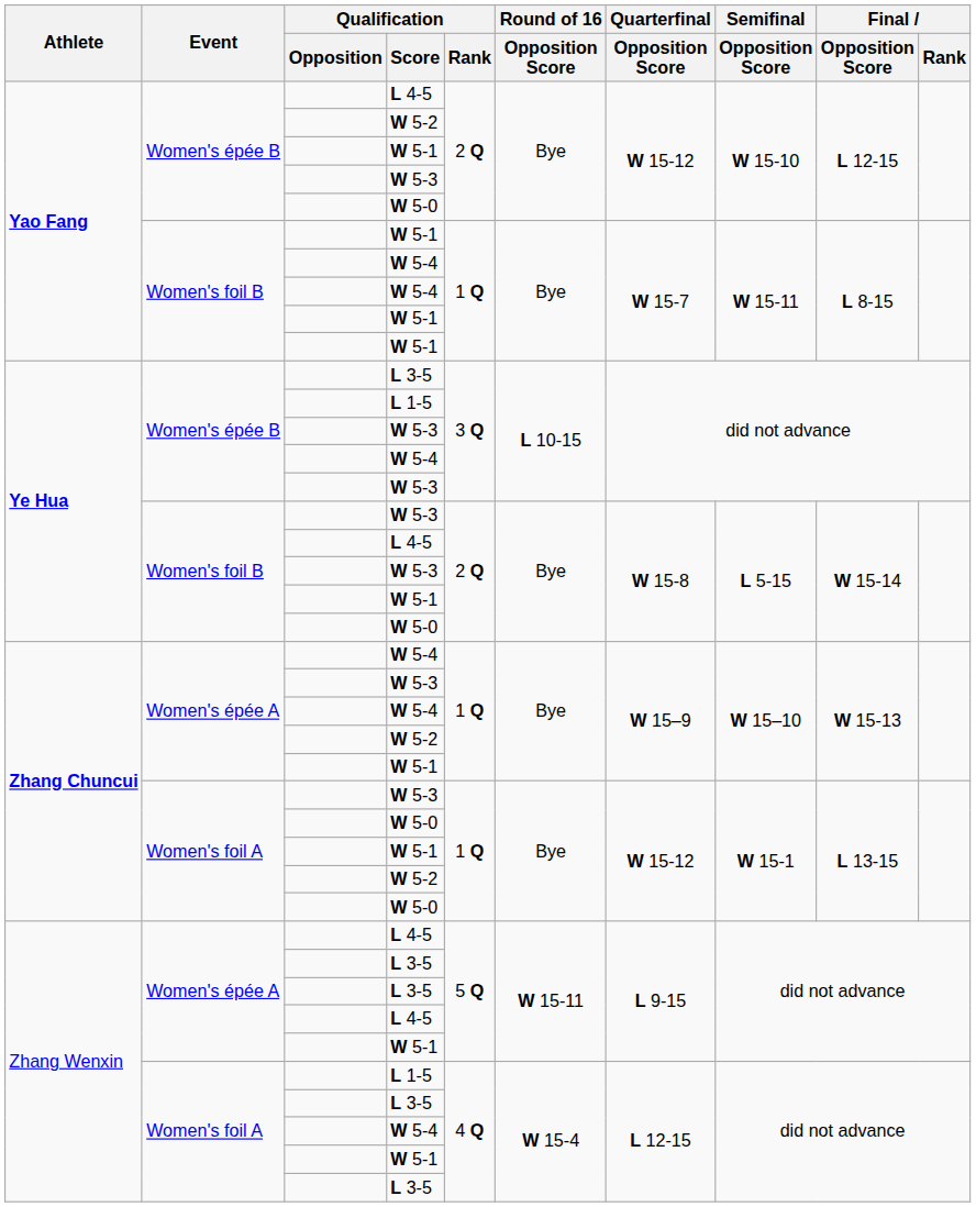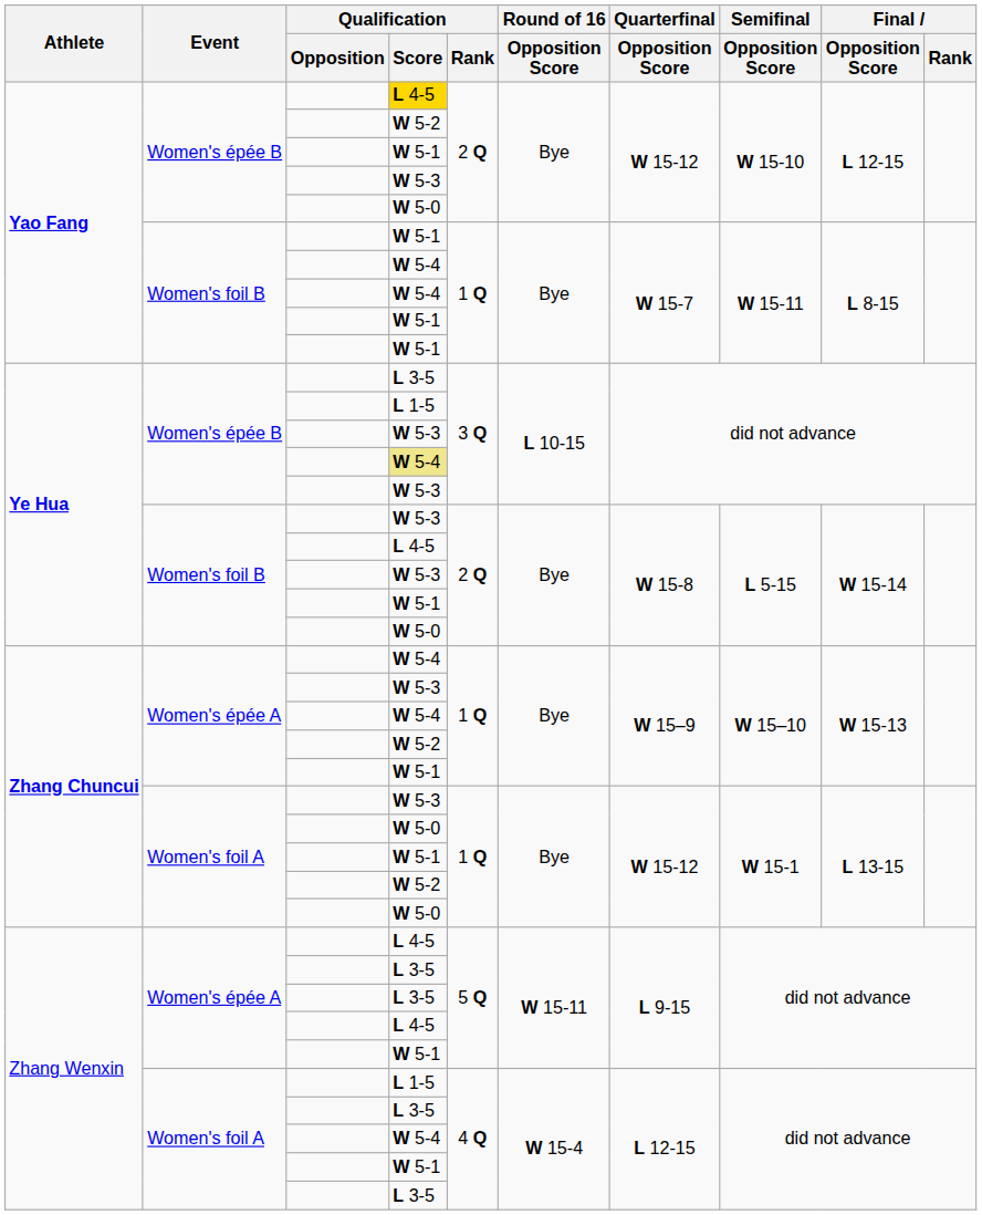 <table class=wikitable style="font-size:90%">
 <tr>
 <th rowspan="2">Athlete</th>
 <th rowspan="2">Event</th>
 <th colspan="3">Qualification</th>
 <th>Round of 16</th>
 <th>Quarterfinal</th>
 <th>Semifinal</th>
 <th colspan="2">Final / </th>
 </tr>
 <tr>
 <th>Opposition</th>
 <th>Score</th>
 <th>Rank</th>
 <th>Opposition<br>Score</th>
 <th>Opposition<br>Score</th>
 <th>Opposition<br>Score</th>
 <th>Opposition<br>Score</th>
 <th>Rank</th>
 </tr>
 <tr>
 <td rowspan=10><strong><a href='#'>Yao Fang</a></strong></td>
 <td rowspan=5><a href='#'>Women's épée B</a></td>
 <td></td>
-<td><strong>L</strong> 4-5</td>
+<td style="background: gold;"><strong>L</strong> 4-5</td>
 <td align="center" rowspan=5>2 <strong>Q</strong></td>
 <td align="center" rowspan=5>Bye</td>
 <td align="center" rowspan=5><br><strong>W</strong> 15-12</td>
 <td align="center" rowspan=5><br><strong>W</strong> 15-10</td>
 <td align="center" rowspan=5><br><strong>L</strong> 12-15</td>
 <td align="center" rowspan=5></td>
 </tr>
 <tr>
 <td></td>
 <td><strong>W</strong> 5-2</td>
 </tr>
 <tr>
 <td></td>
 <td><strong>W</strong> 5-1</td>
 </tr>
 <tr>
 <td></td>
 <td><strong>W</strong> 5-3</td>
 </tr>
 <tr>
 <td></td>
 <td><strong>W</strong> 5-0</td>
 </tr>
 <tr>
 <td rowspan=5><a href='#'>Women's foil B</a></td>
 <td></td>
 <td><strong>W</strong> 5-1</td>
 <td align="center" rowspan=5>1 <strong>Q</strong></td>
 <td align="center" rowspan=5>Bye</td>
 <td align="center" rowspan=5><br><strong>W</strong> 15-7</td>
 <td align="center" rowspan=5><br><strong>W</strong> 15-11</td>
 <td align="center" rowspan=5><br><strong>L</strong> 8-15</td>
 <td align="center" rowspan=5></td>
 </tr>
 <tr>
 <td></td>
 <td><strong>W</strong> 5-4</td>
 </tr>
 <tr>
 <td></td>
 <td><strong>W</strong> 5-4</td>
 </tr>
 <tr>
 <td></td>
 <td><strong>W</strong> 5-1</td>
 </tr>
 <tr>
 <td></td>
 <td><strong>W</strong> 5-1</td>
 </tr>
 <tr>
 <td rowspan=10><strong><a href='#'>Ye Hua</a></strong></td>
 <td rowspan=5><a href='#'>Women's épée B</a></td>
 <td></td>
 <td><strong>L</strong> 3-5</td>
 <td align="center" rowspan=5>3 <strong>Q</strong></td>
 <td align="center" rowspan=5><br><strong>L</strong> 10-15</td>
 <td align="center" rowspan=5 colspan=4>did not advance</td>
 </tr>
 <tr>
 <td></td>
 <td><strong>L</strong> 1-5</td>
 </tr>
 <tr>
 <td></td>
 <td><strong>W</strong> 5-3</td>
 </tr>
 <tr>
 <td></td>
-<td><strong>W</strong> 5-4</td>
+<td style="background: khaki;"><strong>W</strong> 5-4</td>
 </tr>
 <tr>
 <td></td>
 <td><strong>W</strong> 5-3</td>
 </tr>
 <tr>
 <td rowspan=5><a href='#'>Women's foil B</a></td>
 <td></td>
 <td><strong>W</strong> 5-3</td>
 <td align="center" rowspan=5>2 <strong>Q</strong></td>
 <td align="center" rowspan=5>Bye</td>
 <td align="center" rowspan=5><br><strong>W</strong> 15-8</td>
 <td align="center" rowspan=5><br><strong>L</strong> 5-15</td>
 <td align="center" rowspan=5><br><strong>W</strong> 15-14</td>
 <td align="center" rowspan=5></td>
 </tr>
 <tr>
 <td></td>
 <td><strong>L</strong> 4-5</td>
 </tr>
 <tr>
 <td></td>
 <td><strong>W</strong> 5-3</td>
 </tr>
 <tr>
 <td></td>
 <td><strong>W</strong> 5-1</td>
 </tr>
 <tr>
 <td></td>
 <td><strong>W</strong> 5-0</td>
 </tr>
 <tr>
 <td rowspan=10><strong><a href='#'>Zhang Chuncui</a></strong></td>
 <td rowspan=5><a href='#'>Women's épée A</a></td>
 <td></td>
 <td><strong>W</strong> 5-4</td>
 <td align="center" rowspan=5>1 <strong>Q</strong></td>
 <td align="center" rowspan=5>Bye</td>
 <td align="center" rowspan=5><br><strong>W</strong> 15–9</td>
 <td align="center" rowspan=5><br><strong>W</strong> 15–10</td>
 <td align="center" rowspan=5><br><strong>W</strong> 15-13</td>
 <td align="center" rowspan=5></td>
 </tr>
 <tr>
 <td></td>
 <td><strong>W</strong> 5-3</td>
 </tr>
 <tr>
 <td></td>
 <td><strong>W</strong> 5-4</td>
 </tr>
 <tr>
 <td></td>
 <td><strong>W</strong> 5-2</td>
 </tr>
 <tr>
 <td></td>
 <td><strong>W</strong> 5-1</td>
 </tr>
 <tr>
 <td rowspan=5><a href='#'>Women's foil A</a></td>
 <td></td>
 <td><strong>W</strong> 5-3</td>
 <td align="center" rowspan=5>1 <strong>Q</strong></td>
 <td align="center" rowspan=5>Bye</td>
 <td align="center" rowspan=5><br><strong>W</strong> 15-12</td>
 <td align="center" rowspan=5><br><strong>W</strong> 15-1</td>
 <td align="center" rowspan=5><br><strong>L</strong> 13-15</td>
 <td align="center" rowspan=5></td>
 </tr>
 <tr>
 <td></td>
 <td><strong>W</strong> 5-0</td>
 </tr>
 <tr>
 <td></td>
 <td><strong>W</strong> 5-1</td>
 </tr>
 <tr>
 <td></td>
 <td><strong>W</strong> 5-2</td>
 </tr>
 <tr>
 <td></td>
 <td><strong>W</strong> 5-0</td>
 </tr>
 <tr>
 <td rowspan=10><a href='#'>Zhang Wenxin</a></td>
 <td rowspan=5><a href='#'>Women's épée A</a></td>
 <td></td>
 <td><strong>L</strong> 4-5</td>
 <td align="center" rowspan=5>5 <strong>Q</strong></td>
 <td align="center" rowspan=5><br><strong>W</strong> 15-11</td>
 <td align="center" rowspan=5><br><strong>L</strong> 9-15</td>
 <td align="center" rowspan=5 colspan=3>did not advance</td>
 </tr>
 <tr>
 <td></td>
 <td><strong>L</strong> 3-5</td>
 </tr>
 <tr>
 <td></td>
 <td><strong>L</strong> 3-5</td>
 </tr>
 <tr>
 <td></td>
 <td><strong>L</strong> 4-5</td>
 </tr>
 <tr>
 <td></td>
 <td><strong>W</strong> 5-1</td>
 </tr>
 <tr>
 <td rowspan=5><a href='#'>Women's foil A</a></td>
 <td></td>
 <td><strong>L</strong> 1-5</td>
 <td align="center" rowspan=5>4 <strong>Q</strong></td>
 <td align="center" rowspan=5><br><strong>W</strong> 15-4</td>
 <td align="center" rowspan=5><br><strong>L</strong> 12-15</td>
 <td align="center" rowspan=5 colspan=3>did not advance</td>
 </tr>
 <tr>
 <td></td>
 <td><strong>L</strong> 3-5</td>
 </tr>
 <tr>
 <td></td>
 <td><strong>W</strong> 5-4</td>
 </tr>
 <tr>
 <td></td>
 <td><strong>W</strong> 5-1</td>
 </tr>
 <tr>
 <td></td>
 <td><strong>L</strong> 3-5</td>
 </tr>
 </table>
